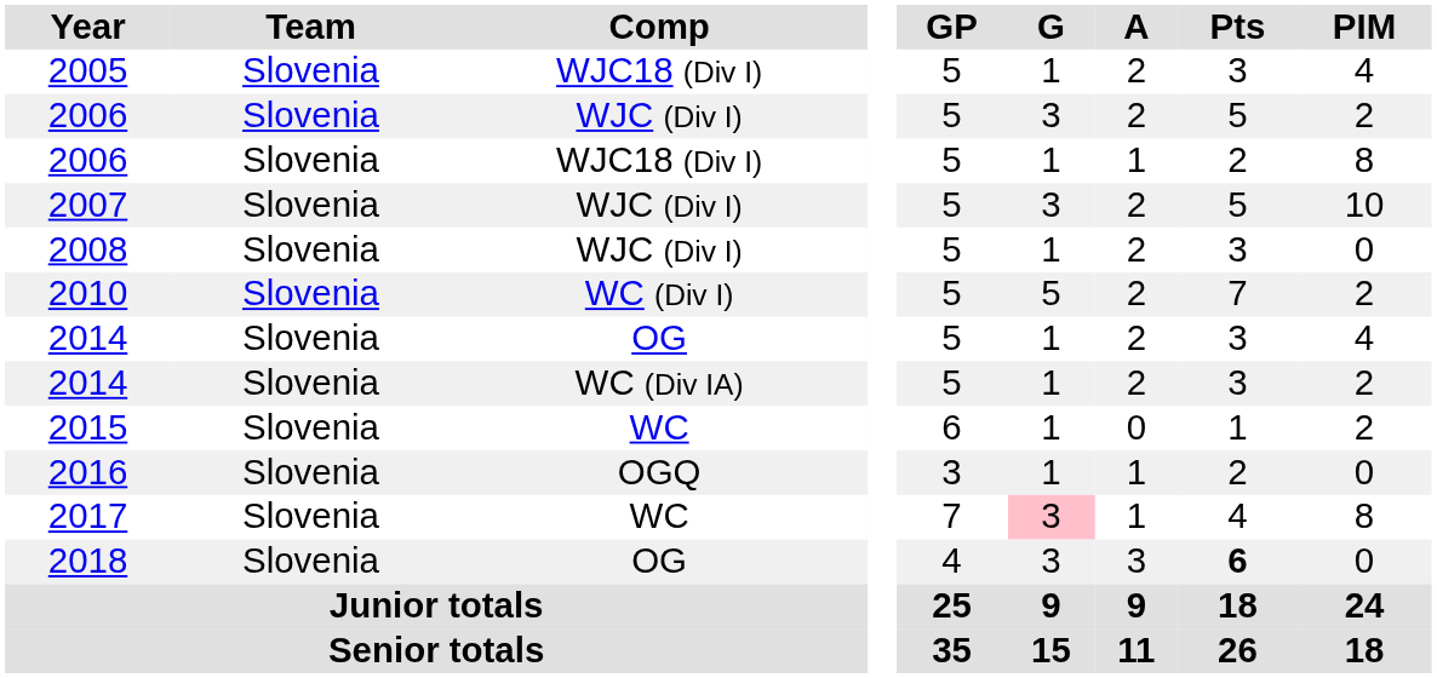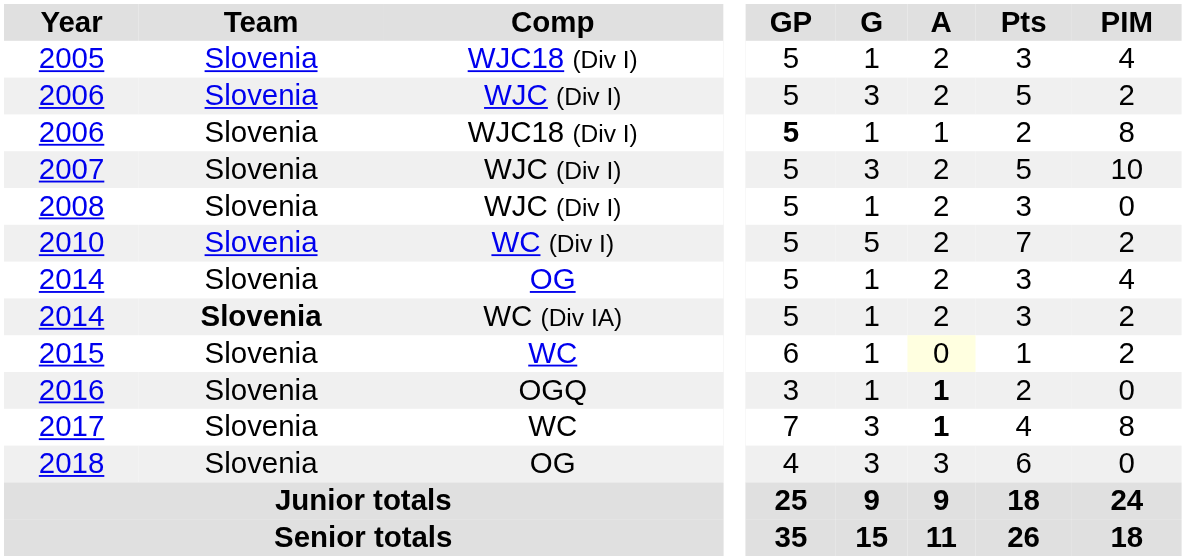 <table border="0" cellpadding="1" cellspacing="0" style="text-align:center; width:40em">
 <tr bgcolor="#e0e0e0">
 <th>Year</th>
 <th>Team</th>
 <th>Comp</th>
 <th rowspan="99" bgcolor="#ffffff"> </th>
 <th>GP</th>
 <th>G</th>
 <th>A</th>
 <th>Pts</th>
 <th>PIM</th>
 </tr>
 <tr>
 <td><a href='#'>2005</a></td>
 <td><a href='#'>Slovenia</a></td>
 <td><a href='#'>WJC18</a> <small>(Div I)</small></td>
 <td>5</td>
 <td>1</td>
 <td>2</td>
 <td>3</td>
 <td>4</td>
 </tr>
 <tr bgcolor="#f0f0f0">
 <td><a href='#'>2006</a></td>
 <td><a href='#'>Slovenia</a></td>
 <td><a href='#'>WJC</a> <small>(Div I)</small></td>
 <td>5</td>
 <td>3</td>
 <td>2</td>
 <td>5</td>
 <td>2</td>
 </tr>
 <tr>
 <td><a href='#'>2006</a></td>
 <td>Slovenia</td>
 <td>WJC18 <small>(Div I)</small></td>
-<td>5</td>
+<td><strong>5</strong></td>
 <td>1</td>
 <td>1</td>
 <td>2</td>
 <td>8</td>
 </tr>
 <tr bgcolor="#f0f0f0">
 <td><a href='#'>2007</a></td>
 <td>Slovenia</td>
 <td>WJC <small>(Div I)</small></td>
 <td>5</td>
 <td>3</td>
 <td>2</td>
 <td>5</td>
 <td>10</td>
 </tr>
 <tr>
 <td><a href='#'>2008</a></td>
 <td>Slovenia</td>
 <td>WJC <small>(Div I)</small></td>
 <td>5</td>
 <td>1</td>
 <td>2</td>
 <td>3</td>
 <td>0</td>
 </tr>
 <tr bgcolor="#f0f0f0">
 <td><a href='#'>2010</a></td>
 <td><a href='#'>Slovenia</a></td>
 <td><a href='#'>WC</a> <small>(Div I)</small></td>
 <td>5</td>
 <td>5</td>
 <td>2</td>
 <td>7</td>
 <td>2</td>
 </tr>
 <tr>
 <td><a href='#'>2014</a></td>
 <td>Slovenia</td>
 <td><a href='#'>OG</a></td>
 <td>5</td>
 <td>1</td>
 <td>2</td>
 <td>3</td>
 <td>4</td>
 </tr>
 <tr bgcolor="#f0f0f0">
 <td><a href='#'>2014</a></td>
-<td>Slovenia</td>
+<td><strong>Slovenia</strong></td>
 <td>WC <small>(Div IA)</small></td>
 <td>5</td>
 <td>1</td>
 <td>2</td>
 <td>3</td>
 <td>2</td>
 </tr>
 <tr>
 <td><a href='#'>2015</a></td>
 <td>Slovenia</td>
 <td><a href='#'>WC</a></td>
 <td>6</td>
 <td>1</td>
-<td>0</td>
+<td style="background: lightyellow;">0</td>
 <td>1</td>
 <td>2</td>
 </tr>
 <tr bgcolor="#f0f0f0">
 <td><a href='#'>2016</a></td>
 <td>Slovenia</td>
 <td>OGQ</td>
 <td>3</td>
 <td>1</td>
-<td>1</td>
+<td><strong>1</strong></td>
 <td>2</td>
 <td>0</td>
 </tr>
 <tr>
 <td><a href='#'>2017</a></td>
 <td>Slovenia</td>
 <td>WC</td>
 <td>7</td>
-<td style="background: pink;">3</td>
-<td>1</td>
+<td>3</td>
+<td><strong>1</strong></td>
 <td>4</td>
 <td>8</td>
 </tr>
 <tr bgcolor="#f0f0f0">
 <td><a href='#'>2018</a></td>
 <td>Slovenia</td>
 <td>OG</td>
 <td>4</td>
 <td>3</td>
 <td>3</td>
-<td><strong>6</strong></td>
+<td>6</td>
 <td>0</td>
 </tr>
 <tr bgcolor="#e0e0e0">
 <th colspan="3">Junior totals</th>
 <th>25</th>
 <th>9</th>
 <th>9</th>
 <th>18</th>
 <th>24</th>
 </tr>
 <tr bgcolor="#e0e0e0">
 <th colspan="3">Senior totals</th>
 <th>35</th>
 <th>15</th>
 <th>11</th>
 <th>26</th>
 <th>18</th>
 </tr>
 </table>
